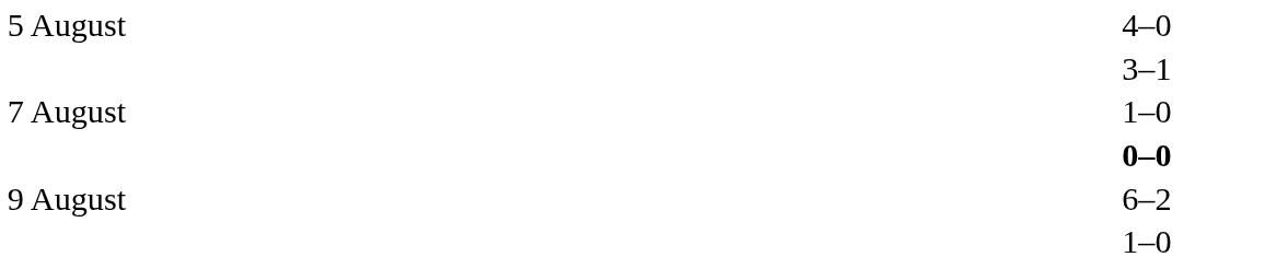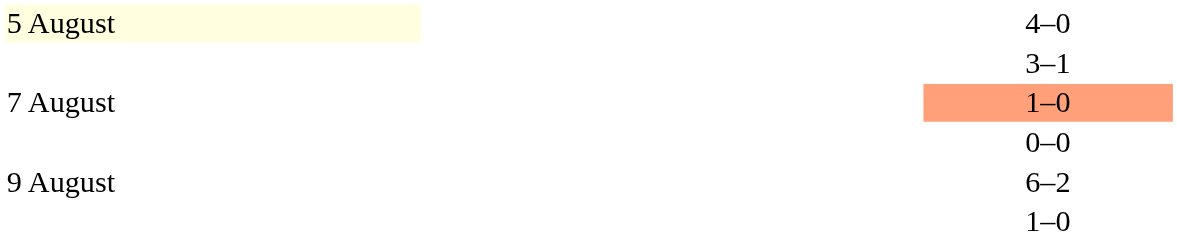 <table cellspacing=1 width=70%>
 <tr>
 <th width=25%></th>
 <th width=30%></th>
 <th width=15%></th>
 <th width=30%></th>
 </tr>
 <tr>
-<td>5 August</td>
+<td style="background: lightyellow;">5 August</td>
 <td align=right></td>
 <td align=center>4–0</td>
 <td></td>
 </tr>
 <tr>
 <td></td>
 <td align=right></td>
 <td align=center>3–1</td>
 <td></td>
 </tr>
 <tr>
 <td>7 August</td>
 <td align=right></td>
-<td align=center>1–0</td>
+<td align=center style="background: lightsalmon;">1–0</td>
 <td></td>
 </tr>
 <tr>
 <td></td>
 <td align=right></td>
-<td align=center><strong>0–0</strong></td>
+<td align=center>0–0</td>
 <td></td>
 </tr>
 <tr>
 <td>9 August</td>
 <td align=right></td>
 <td align=center>6–2</td>
 <td></td>
 </tr>
 <tr>
 <td></td>
 <td align=right></td>
 <td align=center>1–0</td>
 <td></td>
 </tr>
 </table>
